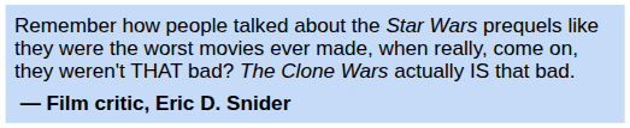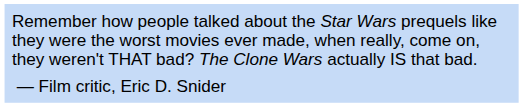 <table class="toccolours" style="float: right; margin-left: 1em; margin-right: 2em; font-size: 90%; background:#c6dbf7; color:black; width:30em; max-width: 40%;" cellspacing="5">
 <tr>
 <td style="text-align: left">Remember how people talked about the <em>Star Wars</em> prequels like they were the worst movies ever made, when really, come on, they weren't THAT bad? <em>The Clone Wars</em> actually IS that bad.</td>
 </tr>
 <tr>
-<td style="text-align: left;"><strong> — Film critic, Eric D. Snider</strong></td>
+<td style="text-align: left;"> — Film critic, Eric D. Snider</td>
 </tr>
 </table>
